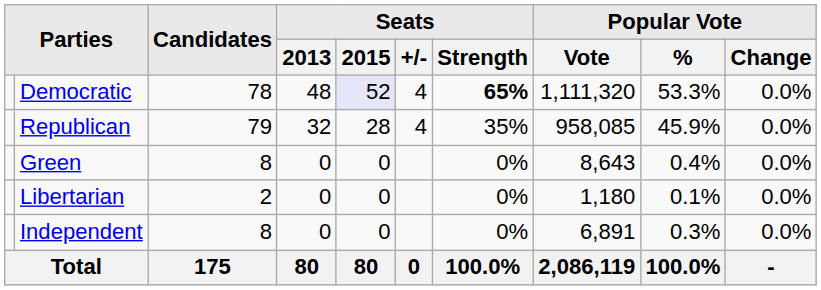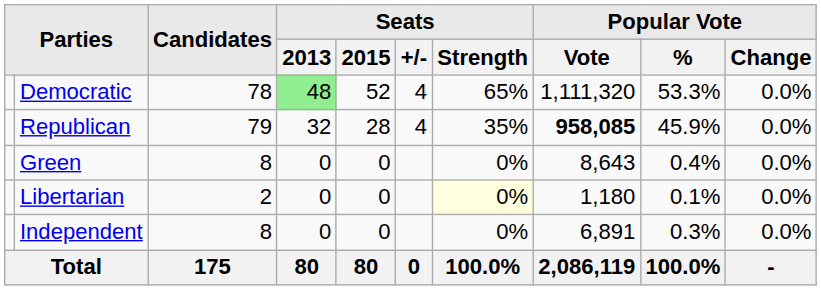 <table class=wikitable>
 <tr>
 <th style="background-color:#E9E9E9" align=center rowspan= 2 colspan=2>Parties</th>
 <th style="background-color:#E9E9E9" align=center rowspan= 2>Candidates</th>
 <th style="background-color:#E9E9E9" align=center colspan=4>Seats</th>
 <th style="background-color:#E9E9E9" align=center colspan=3>Popular Vote</th>
 </tr>
 <tr>
 <th align=center>2013</th>
 <th align=center>2015</th>
 <th align=center>+/-</th>
 <th align=center>Strength</th>
 <th align=center>Vote</th>
 <th align=center>%</th>
 <th align=center>Change</th>
 </tr>
 <tr>
 <td></td>
 <td align=left><a href='#'>Democratic</a></td>
 <td align=right>78</td>
-<td align=right >48</td>
-<td align=right  style="background: lavender;">52</td>
+<td align=right  style="background: lightgreen;">48</td>
+<td align=right >52</td>
 <td align=right>4</td>
-<td align=right ><strong>65%</strong></td>
+<td align=right >65%</td>
 <td align=right >1,111,320</td>
 <td align=right >53.3%</td>
 <td align=right>0.0%</td>
 </tr>
 <tr>
 <td></td>
 <td align=left><a href='#'>Republican</a></td>
 <td align=right>79</td>
 <td align=right>32</td>
 <td align=right>28</td>
 <td align=right>4</td>
 <td align=right>35%</td>
-<td align=right>958,085</td>
+<td align=right><strong>958,085</strong></td>
 <td align=right>45.9%</td>
 <td align=right>0.0%</td>
 </tr>
 <tr>
 <td></td>
 <td><a href='#'>Green</a></td>
 <td align=right>8</td>
 <td align=right>0</td>
 <td align=right>0</td>
 <td align=right></td>
 <td align=right>0%</td>
 <td align=right>8,643</td>
 <td align=right>0.4%</td>
 <td align=right>0.0%</td>
 </tr>
 <tr>
 <td></td>
 <td><a href='#'>Libertarian</a></td>
 <td align=right>2</td>
 <td align=right>0</td>
 <td align=right>0</td>
 <td align=right></td>
-<td align=right>0%</td>
+<td align=right style="background: lightyellow;">0%</td>
 <td align=right>1,180</td>
 <td align=right>0.1%</td>
 <td align=right>0.0%</td>
 </tr>
 <tr>
 <td></td>
 <td><a href='#'>Independent</a></td>
 <td align=right>8</td>
 <td align=right>0</td>
 <td align=right>0</td>
 <td align=right></td>
 <td align=right>0%</td>
 <td align=right>6,891</td>
 <td align=right>0.3%</td>
 <td align=right>0.0%</td>
 </tr>
 <tr>
 <th align=center colspan="2">Total</th>
 <th align=center>175</th>
 <th align=center>80</th>
 <th align=center>80</th>
 <th align=center>0</th>
 <th align=center>100.0%</th>
 <th align=center>2,086,119</th>
 <th align=center>100.0%</th>
 <th align=center>-</th>
 </tr>
 </table>
